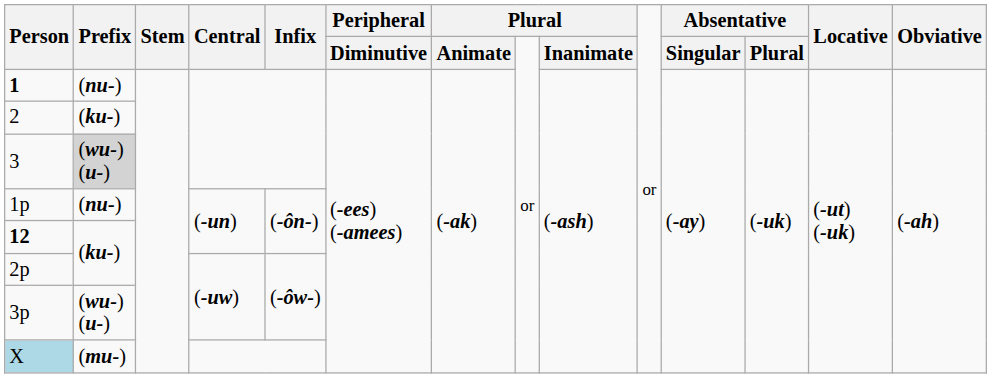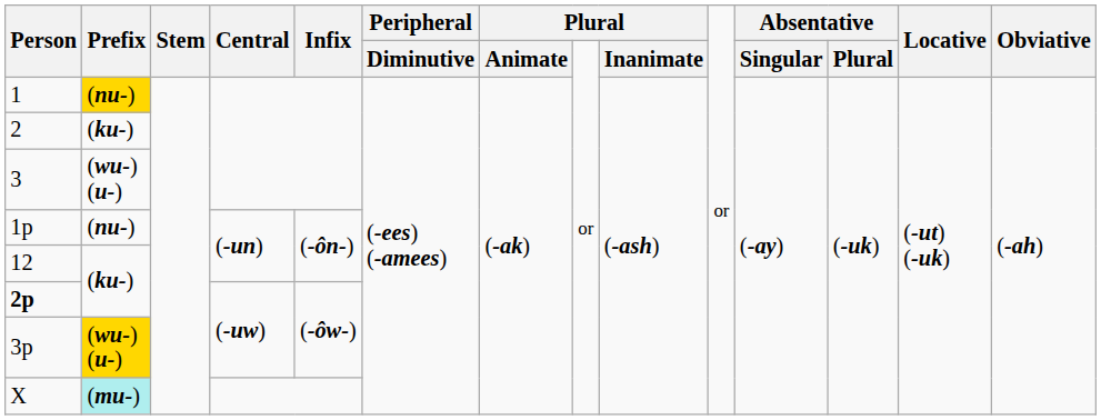 <table class="wikitable">
 <tr>
 <th rowspan="2">Person</th>
 <th rowspan="2" style="text-align: center;">Prefix</th>
 <th rowspan="2">Stem</th>
 <th rowspan="2">Central</th>
 <th rowspan="2">Infix</th>
 <th>Peripheral</th>
 <th colspan="3">Plural</th>
 <td rowspan="10"><small>or</small></td>
 <th colspan="2">Absentative</th>
 <th rowspan="2">Locative</th>
 <th rowspan="2">Obviative</th>
 </tr>
 <tr>
 <th>Diminutive</th>
 <th>Animate</th>
 <td rowspan="9"><small>or</small></td>
 <th>Inanimate</th>
 <th>Singular</th>
 <th>Plural</th>
 </tr>
 <tr>
-<td><strong>1</strong></td>
-<td>(<strong><em>nu-</em></strong>)</td>
+<td>1</td>
+<td style="background: gold;">(<strong><em>nu-</em></strong>)</td>
 <td rowspan="8"></td>
 <td rowspan="3" colspan="2"></td>
 <td rowspan="8">(<strong><em>-ees</em></strong>)<br>(<strong><em>-amees</em></strong>)</td>
 <td rowspan="8">(<strong><em>-ak</em></strong>)</td>
 <td rowspan="8">(<strong><em>-ash</em></strong>)</td>
 <td rowspan="8">(<strong><em>-ay</em></strong>)</td>
 <td rowspan="8">(<strong><em>-uk</em></strong>)</td>
 <td rowspan="8">(<strong><em>-ut</em></strong>)<br>(<strong><em>-uk</em></strong>)</td>
 <td rowspan="8">(<strong><em>-ah</em></strong>)</td>
 </tr>
 <tr>
 <td>2</td>
 <td>(<strong><em>ku-</em></strong>)</td>
 </tr>
 <tr>
 <td>3</td>
-<td style="background: lightgrey;">(<strong><em>wu-</em></strong>)<br>(<strong><em>u-</em></strong>)</td>
+<td>(<strong><em>wu-</em></strong>)<br>(<strong><em>u-</em></strong>)</td>
 </tr>
 <tr>
 <td>1p</td>
 <td>(<strong><em>nu-</em></strong>)</td>
 <td rowspan="2">(<strong><em>-un</em></strong>)</td>
 <td rowspan="2">(<strong><em>-ôn-</em></strong>)</td>
 </tr>
 <tr>
-<td><strong>12</strong></td>
+<td>12</td>
 <td rowspan="2">(<strong><em>ku-</em></strong>)</td>
 </tr>
 <tr>
-<td>2p</td>
+<td><strong>2p</strong></td>
 <td rowspan="2">(<strong><em>-uw</em></strong>)</td>
 <td rowspan="2">(<strong><em>-ôw-</em></strong>)</td>
 </tr>
 <tr>
 <td>3p</td>
-<td>(<strong><em>wu-</em></strong>)<br>(<strong><em>u-</em></strong>)</td>
+<td style="background: gold;">(<strong><em>wu-</em></strong>)<br>(<strong><em>u-</em></strong>)</td>
 </tr>
 <tr>
-<td style="background: lightblue;">X</td>
-<td>(<strong><em>mu-</em></strong>)</td>
+<td>X</td>
+<td style="background: paleturquoise;">(<strong><em>mu-</em></strong>)</td>
 <td colspan="2"></td>
 </tr>
 </table>
